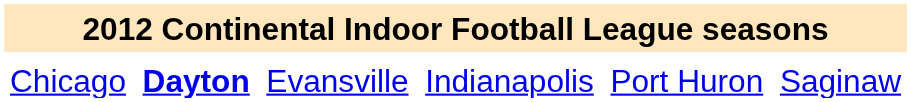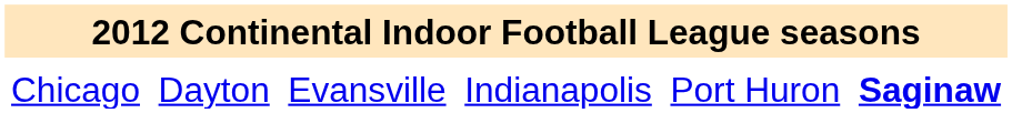 <table cellspacing="2" cellpadding="3" class="toccolours" style="font-size: 95%; margin: auto; text-align: center;">
 <tr>
 <th colspan="10" style="background-color: #FFE6BD;"><strong>2012 Continental Indoor Football League seasons</strong></th>
 </tr>
 <tr>
 <td style=><a href='#'>Chicago</a></td>
-<td style=><strong><a href='#'>Dayton</a></strong></td>
+<td style=><a href='#'>Dayton</a></td>
 <td style=><a href='#'>Evansville</a></td>
 <td style=><a href='#'>Indianapolis</a></td>
 <td style=><a href='#'>Port Huron</a></td>
-<td style=><a href='#'>Saginaw</a></td>
+<td style=><strong><a href='#'>Saginaw</a></strong></td>
 </tr>
 <tr>
 </tr>
 </table>
